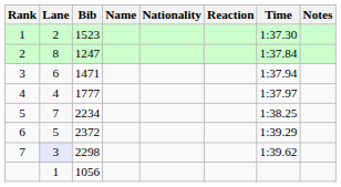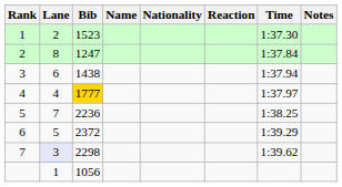 <table class="wikitable sortable" style="text-align:center">
 <tr>
 <th>Rank</th>
 <th>Lane</th>
 <th>Bib</th>
 <th>Name</th>
 <th>Nationality</th>
 <th>Reaction</th>
 <th>Time</th>
 <th>Notes</th>
 </tr>
 <tr bgcolor=ccffcc>
 <td>1</td>
 <td>2</td>
 <td>1523</td>
 <td align=left></td>
 <td align=left></td>
 <td></td>
 <td>1:37.30</td>
 <td><strong></strong></td>
 </tr>
 <tr bgcolor=ccffcc>
 <td>2</td>
 <td>8</td>
 <td>1247</td>
 <td align=left></td>
 <td align=left></td>
 <td></td>
 <td>1:37.84</td>
 <td><strong></strong></td>
 </tr>
 <tr>
 <td>3</td>
 <td>6</td>
-<td>1471</td>
+<td>1438</td>
 <td align=left></td>
 <td align=left></td>
 <td></td>
 <td>1:37.94</td>
 <td></td>
 </tr>
 <tr>
 <td>4</td>
 <td>4</td>
-<td>1777</td>
+<td style="background: gold;">1777</td>
 <td align=left></td>
 <td align=left></td>
 <td></td>
 <td>1:37.97</td>
 <td></td>
 </tr>
 <tr>
 <td>5</td>
 <td>7</td>
-<td>2234</td>
+<td>2236</td>
 <td align=left></td>
 <td align=left></td>
 <td></td>
 <td>1:38.25</td>
 <td></td>
 </tr>
 <tr>
 <td>6</td>
 <td>5</td>
 <td>2372</td>
 <td align=left></td>
 <td align=left></td>
 <td></td>
 <td>1:39.29</td>
 <td></td>
 </tr>
 <tr>
 <td>7</td>
 <td style="background: lavender;">3</td>
 <td>2298</td>
 <td align=left></td>
 <td align=left></td>
 <td></td>
 <td>1:39.62</td>
 <td></td>
 </tr>
 <tr>
 <td></td>
 <td>1</td>
 <td>1056</td>
 <td align=left></td>
 <td align=left></td>
 <td></td>
 <td></td>
 <td><strong></strong></td>
 </tr>
 </table>
